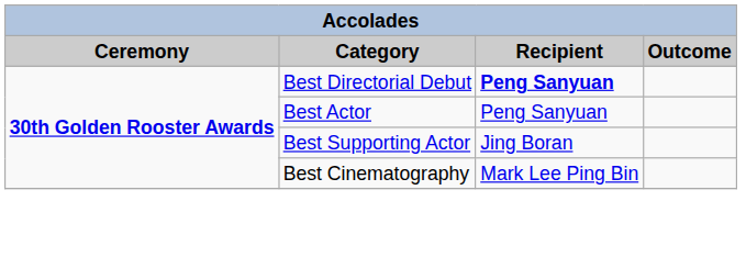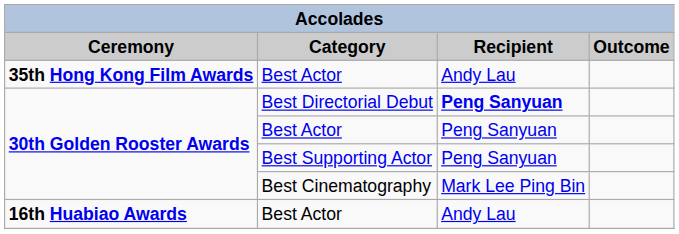 <table class=wikitable style="font-size:95%">
 <tr style="background:#ccc; text-align:center;">
 <th colspan=4 style="background: LightSteelBlue;">Accolades</th>
 </tr>
 <tr style="background:#ccc; text-align:center;">
 <th style="background:#ccc">Ceremony</th>
 <th style="background:#ccc">Category</th>
 <th style="background:#ccc">Recipient</th>
 <th style="background:#ccc">Outcome</th>
+</tr>
+<tr>
+<td><strong>35th <a href='#'>Hong Kong Film Awards</a></strong></td>
+<td><a href='#'>Best Actor</a></td>
+<td><a href='#'>Andy Lau</a></td>
+<td></td>
 </tr>
 <tr>
 <td rowspan=4><strong><a href='#'>30th Golden Rooster Awards</a></strong></td>
 <td><a href='#'>Best Directorial Debut</a></td>
 <td><strong><a href='#'>Peng Sanyuan</a></strong></td>
 <td></td>
 </tr>
 <tr>
 <td><a href='#'>Best Actor</a></td>
 <td><a href='#'>Peng Sanyuan</a></td>
 <td></td>
 </tr>
 <tr>
 <td><a href='#'>Best Supporting Actor</a></td>
-<td><a href='#'>Jing Boran</a></td>
+<td><a href='#'>Peng Sanyuan</a></td>
 <td></td>
 </tr>
 <tr>
 <td>Best Cinematography</td>
 <td><a href='#'>Mark Lee Ping Bin</a></td>
 <td></td>
 </tr>
 <tr>
+<td><strong>16th <a href='#'>Huabiao Awards</a></strong></td>
+<td>Best Actor</td>
+<td><a href='#'>Andy Lau</a></td>
+<td></td>
+</tr>
+<tr>
 </tr>
 </table>
